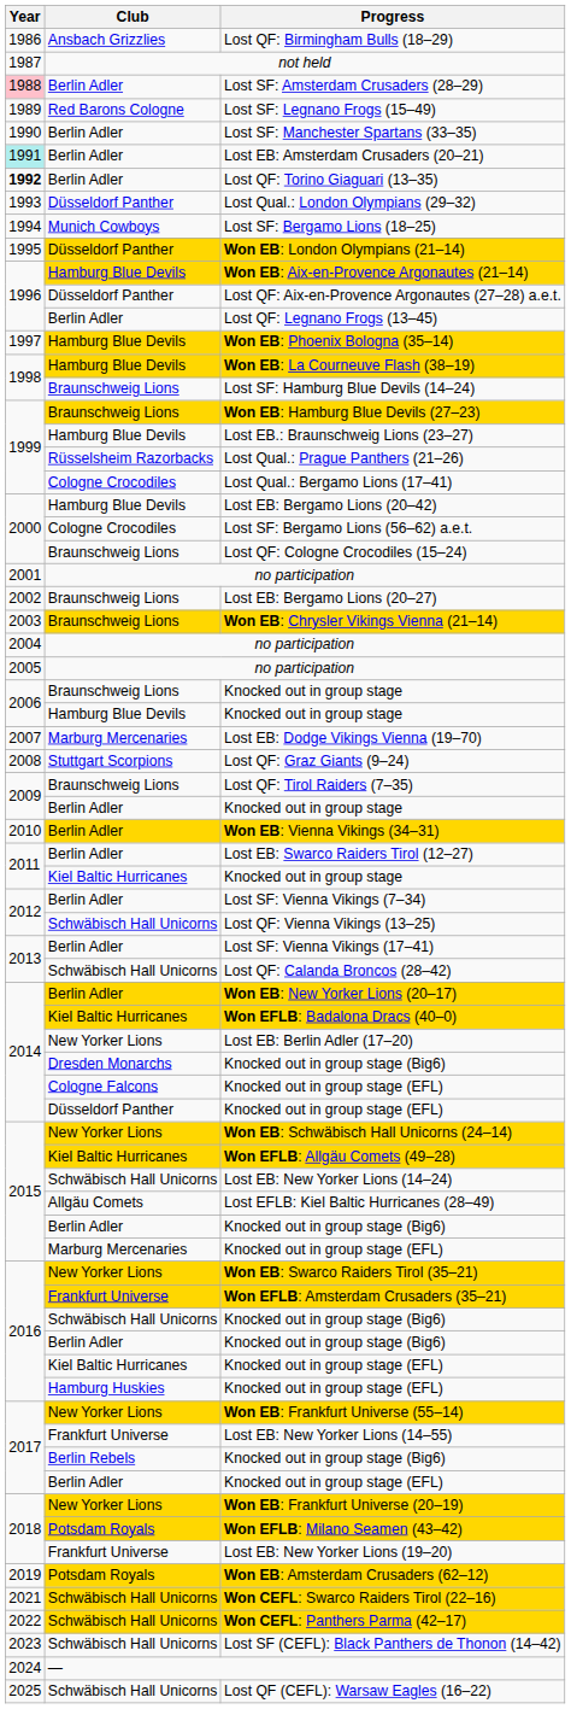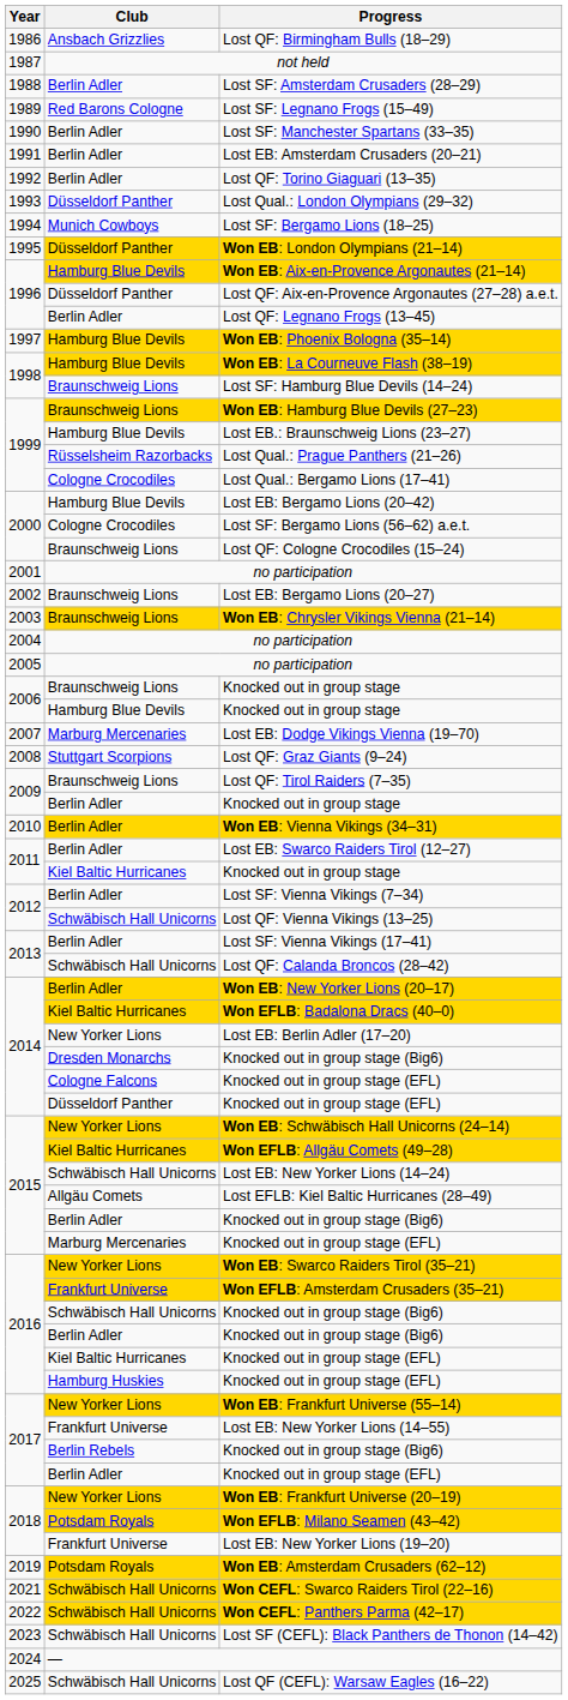 <table class="wikitable">
 <tr>
 <th>Year</th>
 <th>Club</th>
 <th>Progress</th>
 </tr>
 <tr>
 <td>1986</td>
 <td><a href='#'>Ansbach Grizzlies</a></td>
 <td>Lost QF:  <a href='#'>Birmingham Bulls</a> (18–29)</td>
 </tr>
 <tr>
 <td>1987</td>
 <td colspan="2" style="text-align:center"><em>not held</em></td>
 </tr>
 <tr>
-<td style="background: pink;">1988</td>
+<td>1988</td>
 <td><a href='#'>Berlin Adler</a></td>
 <td>Lost SF:  <a href='#'>Amsterdam Crusaders</a> (28–29)</td>
 </tr>
 <tr>
 <td>1989</td>
 <td><a href='#'>Red Barons Cologne</a></td>
 <td>Lost SF:  <a href='#'>Legnano Frogs</a> (15–49)</td>
 </tr>
 <tr>
 <td>1990</td>
 <td>Berlin Adler</td>
 <td>Lost SF:  <a href='#'>Manchester Spartans</a> (33–35)</td>
 </tr>
 <tr>
-<td style="background: paleturquoise;">1991</td>
+<td>1991</td>
 <td>Berlin Adler</td>
 <td>Lost EB:  Amsterdam Crusaders (20–21)</td>
 </tr>
 <tr>
-<td><strong>1992</strong></td>
+<td>1992</td>
 <td>Berlin Adler</td>
 <td>Lost QF:  <a href='#'>Torino Giaguari</a> (13–35)</td>
 </tr>
 <tr>
 <td>1993</td>
 <td><a href='#'>Düsseldorf Panther</a></td>
 <td>Lost Qual.:  <a href='#'>London Olympians</a> (29–32)</td>
 </tr>
 <tr>
 <td>1994</td>
 <td><a href='#'>Munich Cowboys</a></td>
 <td>Lost SF:  <a href='#'>Bergamo Lions</a> (18–25)</td>
 </tr>
 <tr>
 <td>1995</td>
 <td style="background:gold">Düsseldorf Panther</td>
 <td style="background:gold"><strong>Won EB</strong>:  London Olympians (21–14)</td>
 </tr>
 <tr>
 <td rowspan="3">1996</td>
 <td style="background:gold"><a href='#'>Hamburg Blue Devils</a></td>
 <td style="background:gold"><strong>Won EB</strong>:  <a href='#'>Aix-en-Provence Argonautes</a> (21–14)</td>
 </tr>
 <tr>
 <td>Düsseldorf Panther</td>
 <td>Lost QF:  Aix-en-Provence Argonautes (27–28) a.e.t.</td>
 </tr>
 <tr>
 <td>Berlin Adler</td>
 <td>Lost QF:  <a href='#'>Legnano Frogs</a> (13–45)</td>
 </tr>
 <tr>
 <td>1997</td>
 <td style="background:gold">Hamburg Blue Devils</td>
 <td style="background:gold"><strong>Won EB</strong>:  <a href='#'>Phoenix Bologna</a> (35–14)</td>
 </tr>
 <tr>
 <td rowspan="2">1998</td>
 <td style="background:gold">Hamburg Blue Devils</td>
 <td style="background:gold"><strong>Won EB</strong>:  <a href='#'>La Courneuve Flash</a> (38–19)</td>
 </tr>
 <tr>
 <td><a href='#'>Braunschweig Lions</a></td>
 <td>Lost SF:  Hamburg Blue Devils (14–24)</td>
 </tr>
 <tr>
 <td rowspan="4">1999</td>
 <td style="background:gold">Braunschweig Lions</td>
 <td style="background:gold"><strong>Won EB</strong>:  Hamburg Blue Devils (27–23)</td>
 </tr>
 <tr>
 <td>Hamburg Blue Devils</td>
 <td>Lost EB.:  Braunschweig Lions (23–27)</td>
 </tr>
 <tr>
 <td><a href='#'>Rüsselsheim Razorbacks</a></td>
 <td>Lost Qual.:  <a href='#'>Prague Panthers</a> (21–26)</td>
 </tr>
 <tr>
 <td><a href='#'>Cologne Crocodiles</a></td>
 <td>Lost Qual.:  Bergamo Lions (17–41)</td>
 </tr>
 <tr>
 <td rowspan="3">2000</td>
 <td>Hamburg Blue Devils</td>
 <td>Lost EB:  Bergamo Lions (20–42)</td>
 </tr>
 <tr>
 <td>Cologne Crocodiles</td>
 <td>Lost SF:  Bergamo Lions (56–62) a.e.t.</td>
 </tr>
 <tr>
 <td>Braunschweig Lions</td>
 <td>Lost QF:  Cologne Crocodiles (15–24)</td>
 </tr>
 <tr>
 <td>2001</td>
 <td colspan="2" style="text-align:center;"><em>no participation</em></td>
 </tr>
 <tr>
 <td>2002</td>
 <td>Braunschweig Lions</td>
 <td>Lost EB:  Bergamo Lions (20–27)</td>
 </tr>
 <tr>
 <td>2003</td>
 <td style="background:gold">Braunschweig Lions</td>
 <td style="background:gold"><strong>Won EB</strong>:  <a href='#'>Chrysler Vikings Vienna</a> (21–14)</td>
 </tr>
 <tr>
 <td>2004</td>
 <td colspan="2" style="text-align:center;"><em>no participation</em></td>
 </tr>
 <tr>
 <td>2005</td>
 <td colspan="2" style="text-align:center;"><em>no participation</em></td>
 </tr>
 <tr>
 <td rowspan="2">2006</td>
 <td>Braunschweig Lions</td>
 <td>Knocked out in group stage</td>
 </tr>
 <tr>
 <td>Hamburg Blue Devils</td>
 <td>Knocked out in group stage</td>
 </tr>
 <tr>
 <td>2007</td>
 <td><a href='#'>Marburg Mercenaries</a></td>
 <td>Lost EB:  <a href='#'>Dodge Vikings Vienna</a> (19–70)</td>
 </tr>
 <tr>
 <td>2008</td>
 <td><a href='#'>Stuttgart Scorpions</a></td>
 <td>Lost QF:  <a href='#'>Graz Giants</a> (9–24)</td>
 </tr>
 <tr>
 <td rowspan="2">2009</td>
 <td>Braunschweig Lions</td>
 <td>Lost QF:  <a href='#'>Tirol Raiders</a> (7–35)</td>
 </tr>
 <tr>
 <td>Berlin Adler</td>
 <td>Knocked out in group stage</td>
 </tr>
 <tr>
 <td>2010</td>
 <td style="background:gold">Berlin Adler</td>
 <td style="background:gold"><strong>Won EB</strong>:  Vienna Vikings (34–31)</td>
 </tr>
 <tr>
 <td rowspan="2">2011</td>
 <td>Berlin Adler</td>
 <td>Lost EB:  <a href='#'>Swarco Raiders Tirol</a> (12–27)</td>
 </tr>
 <tr>
 <td><a href='#'>Kiel Baltic Hurricanes</a></td>
 <td>Knocked out in group stage</td>
 </tr>
 <tr>
 <td rowspan="2">2012</td>
 <td>Berlin Adler</td>
 <td>Lost SF:  Vienna Vikings (7–34)</td>
 </tr>
 <tr>
 <td><a href='#'>Schwäbisch Hall Unicorns</a></td>
 <td>Lost QF:  Vienna Vikings (13–25)</td>
 </tr>
 <tr>
 <td rowspan="2">2013</td>
 <td>Berlin Adler</td>
 <td>Lost SF:  Vienna Vikings (17–41)</td>
 </tr>
 <tr>
 <td>Schwäbisch Hall Unicorns</td>
 <td>Lost QF:  <a href='#'>Calanda Broncos</a> (28–42)</td>
 </tr>
 <tr>
 <td rowspan="6">2014</td>
 <td style="background:gold">Berlin Adler</td>
 <td style="background:gold"><strong>Won EB</strong>:  <a href='#'>New Yorker Lions</a> (20–17)</td>
 </tr>
 <tr style="background:gold">
 <td>Kiel Baltic Hurricanes</td>
 <td><strong>Won EFLB</strong>:  <a href='#'>Badalona Dracs</a> (40–0)</td>
 </tr>
 <tr>
 <td>New Yorker Lions</td>
 <td>Lost EB:  Berlin Adler (17–20)</td>
 </tr>
 <tr>
 <td><a href='#'>Dresden Monarchs</a></td>
 <td>Knocked out in group stage (Big6)</td>
 </tr>
 <tr>
 <td><a href='#'>Cologne Falcons</a></td>
 <td>Knocked out in group stage (EFL)</td>
 </tr>
 <tr>
 <td>Düsseldorf Panther</td>
 <td>Knocked out in group stage (EFL)</td>
 </tr>
 <tr>
 <td rowspan="6">2015</td>
 <td style="background:gold">New Yorker Lions</td>
 <td style="background:gold"><strong>Won EB</strong>:  Schwäbisch Hall Unicorns (24–14)</td>
 </tr>
 <tr style="background:gold">
 <td>Kiel Baltic Hurricanes</td>
 <td><strong>Won EFLB</strong>:  <a href='#'>Allgäu Comets</a> (49–28)</td>
 </tr>
 <tr>
 <td>Schwäbisch Hall Unicorns</td>
 <td>Lost EB:  New Yorker Lions (14–24)</td>
 </tr>
 <tr>
 <td>Allgäu Comets</td>
 <td>Lost EFLB:  Kiel Baltic Hurricanes (28–49)</td>
 </tr>
 <tr>
 <td>Berlin Adler</td>
 <td>Knocked out in group stage (Big6)</td>
 </tr>
 <tr>
 <td>Marburg Mercenaries</td>
 <td>Knocked out in group stage (EFL)</td>
 </tr>
 <tr>
 <td rowspan="6">2016</td>
 <td style="background:gold">New Yorker Lions</td>
 <td style="background:gold"><strong>Won EB</strong>:  Swarco Raiders Tirol (35–21)</td>
 </tr>
 <tr style="background:gold;">
 <td><a href='#'>Frankfurt Universe</a></td>
 <td><strong>Won EFLB</strong>:  Amsterdam Crusaders (35–21)</td>
 </tr>
 <tr>
 <td>Schwäbisch Hall Unicorns</td>
 <td>Knocked out in group stage (Big6)</td>
 </tr>
 <tr>
 <td>Berlin Adler</td>
 <td>Knocked out in group stage (Big6)</td>
 </tr>
 <tr>
 <td>Kiel Baltic Hurricanes</td>
 <td>Knocked out in group stage (EFL)</td>
 </tr>
 <tr>
 <td><a href='#'>Hamburg Huskies</a></td>
 <td>Knocked out in group stage (EFL)</td>
 </tr>
 <tr>
 <td rowspan="4">2017</td>
 <td style="background:gold">New Yorker Lions</td>
 <td style="background:gold"><strong>Won EB</strong>:  Frankfurt Universe (55–14)</td>
 </tr>
 <tr>
 <td>Frankfurt Universe</td>
 <td>Lost EB:  New Yorker Lions (14–55)</td>
 </tr>
 <tr>
 <td><a href='#'>Berlin Rebels</a></td>
 <td>Knocked out in group stage (Big6)</td>
 </tr>
 <tr>
 <td>Berlin Adler</td>
 <td>Knocked out in group stage (EFL)</td>
 </tr>
 <tr>
 <td rowspan="3">2018</td>
 <td style="background:gold">New Yorker Lions</td>
 <td style="background:gold"><strong>Won EB</strong>:  Frankfurt Universe (20–19)</td>
 </tr>
 <tr style="background:gold">
 <td><a href='#'>Potsdam Royals</a></td>
 <td><strong>Won EFLB</strong>:  <a href='#'>Milano Seamen</a> (43–42)</td>
 </tr>
 <tr>
 <td>Frankfurt Universe</td>
 <td>Lost EB:  New Yorker Lions (19–20)</td>
 </tr>
 <tr>
 <td>2019</td>
 <td style="background:gold">Potsdam Royals</td>
 <td style="background:gold"><strong>Won EB</strong>:  Amsterdam Crusaders (62–12)</td>
 </tr>
 <tr>
 <td>2021</td>
 <td style="background:gold">Schwäbisch Hall Unicorns</td>
 <td style="background:gold"><strong>Won CEFL</strong>:  Swarco Raiders Tirol (22–16)</td>
 </tr>
 <tr>
 <td>2022</td>
 <td style="background:gold">Schwäbisch Hall Unicorns</td>
 <td style="background:gold"><strong>Won CEFL</strong>:  <a href='#'>Panthers Parma</a> (42–17)</td>
 </tr>
 <tr>
 <td>2023</td>
 <td>Schwäbisch Hall Unicorns</td>
 <td>Lost SF (CEFL):  <a href='#'>Black Panthers de Thonon</a> (14–42)</td>
 </tr>
 <tr>
 <td>2024</td>
 <td colspan=2>—</td>
 </tr>
 <tr>
 <td>2025</td>
 <td>Schwäbisch Hall Unicorns</td>
 <td>Lost QF (CEFL):  <a href='#'>Warsaw Eagles</a> (16–22)</td>
 </tr>
 </table>
